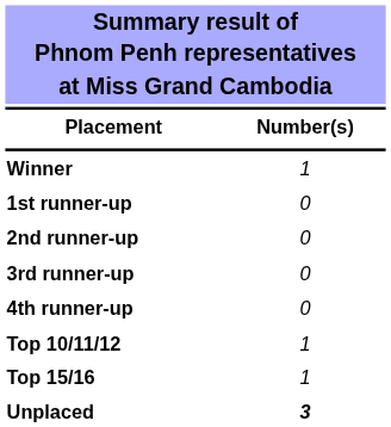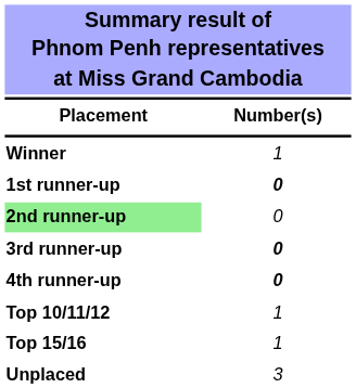 <table style="width: 270px; font-size:85%; line-height:1.5em;">
 <tr>
 <th colspan="2" align="center" style="background:#AAF;"><big>Summary result of<br>Phnom Penh representatives<br>at Miss Grand Cambodia</big></th>
 </tr>
 <tr>
 <td colspan="2" style="background:black"></td>
 </tr>
 <tr>
 <th scope="col">Placement</th>
 <th scope="col">Number(s)</th>
 </tr>
 <tr>
 <td colspan="2" style="background:black"></td>
 </tr>
 <tr>
 <td align="left"><strong>Winner</strong></td>
 <td align="center"><em>1</em></td>
 </tr>
 <tr>
 <td align="left"><strong>1st runner-up</strong></td>
-<td align="center"><em>0</em></td>
+<td align="center"><strong><em>0</em></strong></td>
 </tr>
 <tr>
-<td align="left"><strong>2nd runner-up</strong></td>
+<td align="left" style="background: lightgreen;"><strong>2nd runner-up</strong></td>
 <td align="center"><em>0</em></td>
 </tr>
 <tr>
 <td align="left"><strong>3rd runner-up</strong></td>
-<td align="center"><em>0</em></td>
+<td align="center"><strong><em>0</em></strong></td>
 </tr>
 <tr>
 <td align="left"><strong>4th runner-up</strong></td>
-<td align="center"><em>0</em></td>
+<td align="center"><strong><em>0</em></strong></td>
 </tr>
 <tr>
 <td align="left"><strong>Top 10/11/12</strong></td>
 <td align="center"><em>1</em></td>
 </tr>
 <tr>
 <td align="left"><strong>Top 15/16</strong></td>
 <td align="center"><em>1</em></td>
 </tr>
 <tr>
 <td align="left"><strong>Unplaced</strong></td>
-<td align="center"><strong><em>3</em></strong></td>
+<td align="center"><em>3</em></td>
 </tr>
 </table>
